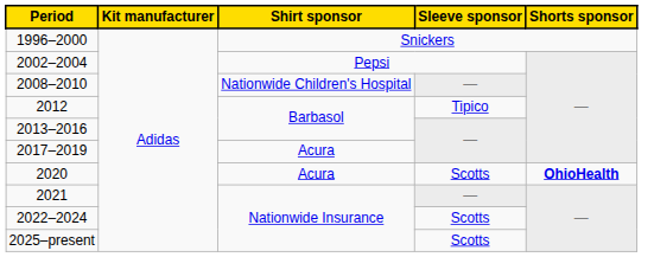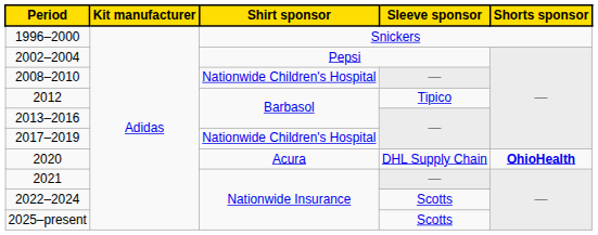 <table class="wikitable" style="text-align: center">
 <tr>
 <th style="background:#FEDD00; color:#000; border:2px solid #000;" scope="col">Period</th>
 <th style="background:#FEDD00; color:#000; border:2px solid #000;" scope="col">Kit manufacturer</th>
 <th style="background:#FEDD00; color:#000; border:2px solid #000;" scope="col">Shirt sponsor</th>
 <th style="background:#FEDD00; color:#000; border:2px solid #000;" scope="col">Sleeve sponsor</th>
 <th style="background:#FEDD00; color:#000; border:2px solid #000;" scope="col">Shorts sponsor</th>
 </tr>
 <tr>
 <td>1996–2000</td>
 <td rowspan="10"><a href='#'>Adidas</a></td>
 <td colspan="3"><a href='#'>Snickers</a></td>
 </tr>
 <tr>
 <td>2002–2004</td>
 <td colspan="2"><a href='#'>Pepsi</a></td>
 <td rowspan="5" style="background:#ececec; color:gray">—</td>
 </tr>
 <tr>
 <td>2008–2010</td>
 <td><a href='#'>Nationwide Children's Hospital</a></td>
 <td style="background:#ececec; color:gray">—</td>
 </tr>
 <tr>
 <td>2012</td>
 <td rowspan="2"><a href='#'>Barbasol</a></td>
 <td><a href='#'>Tipico</a></td>
 </tr>
 <tr>
 <td>2013–2016</td>
 <td rowspan="2" style="background:#ececec; color:gray">—</td>
 </tr>
 <tr>
 <td>2017–2019</td>
-<td><a href='#'>Acura</a></td>
+<td><a href='#'>Nationwide Children's Hospital</a></td>
 </tr>
 <tr>
 <td>2020</td>
 <td><a href='#'>Acura</a></td>
-<td><a href='#'>Scotts</a></td>
+<td><a href='#'>DHL Supply Chain</a></td>
 <td><strong><a href='#'>OhioHealth</a></strong></td>
 </tr>
 <tr>
 <td>2021</td>
 <td rowspan="3"><a href='#'>Nationwide Insurance</a></td>
 <td style="background:#ececec; color:gray">—</td>
 <td rowspan="3" style="background:#ececec; color:gray">—</td>
 </tr>
 <tr>
 <td>2022–2024</td>
 <td><a href='#'>Scotts</a></td>
 </tr>
 <tr>
 <td>2025–present</td>
 <td><a href='#'>Scotts</a></td>
 </tr>
 </table>
